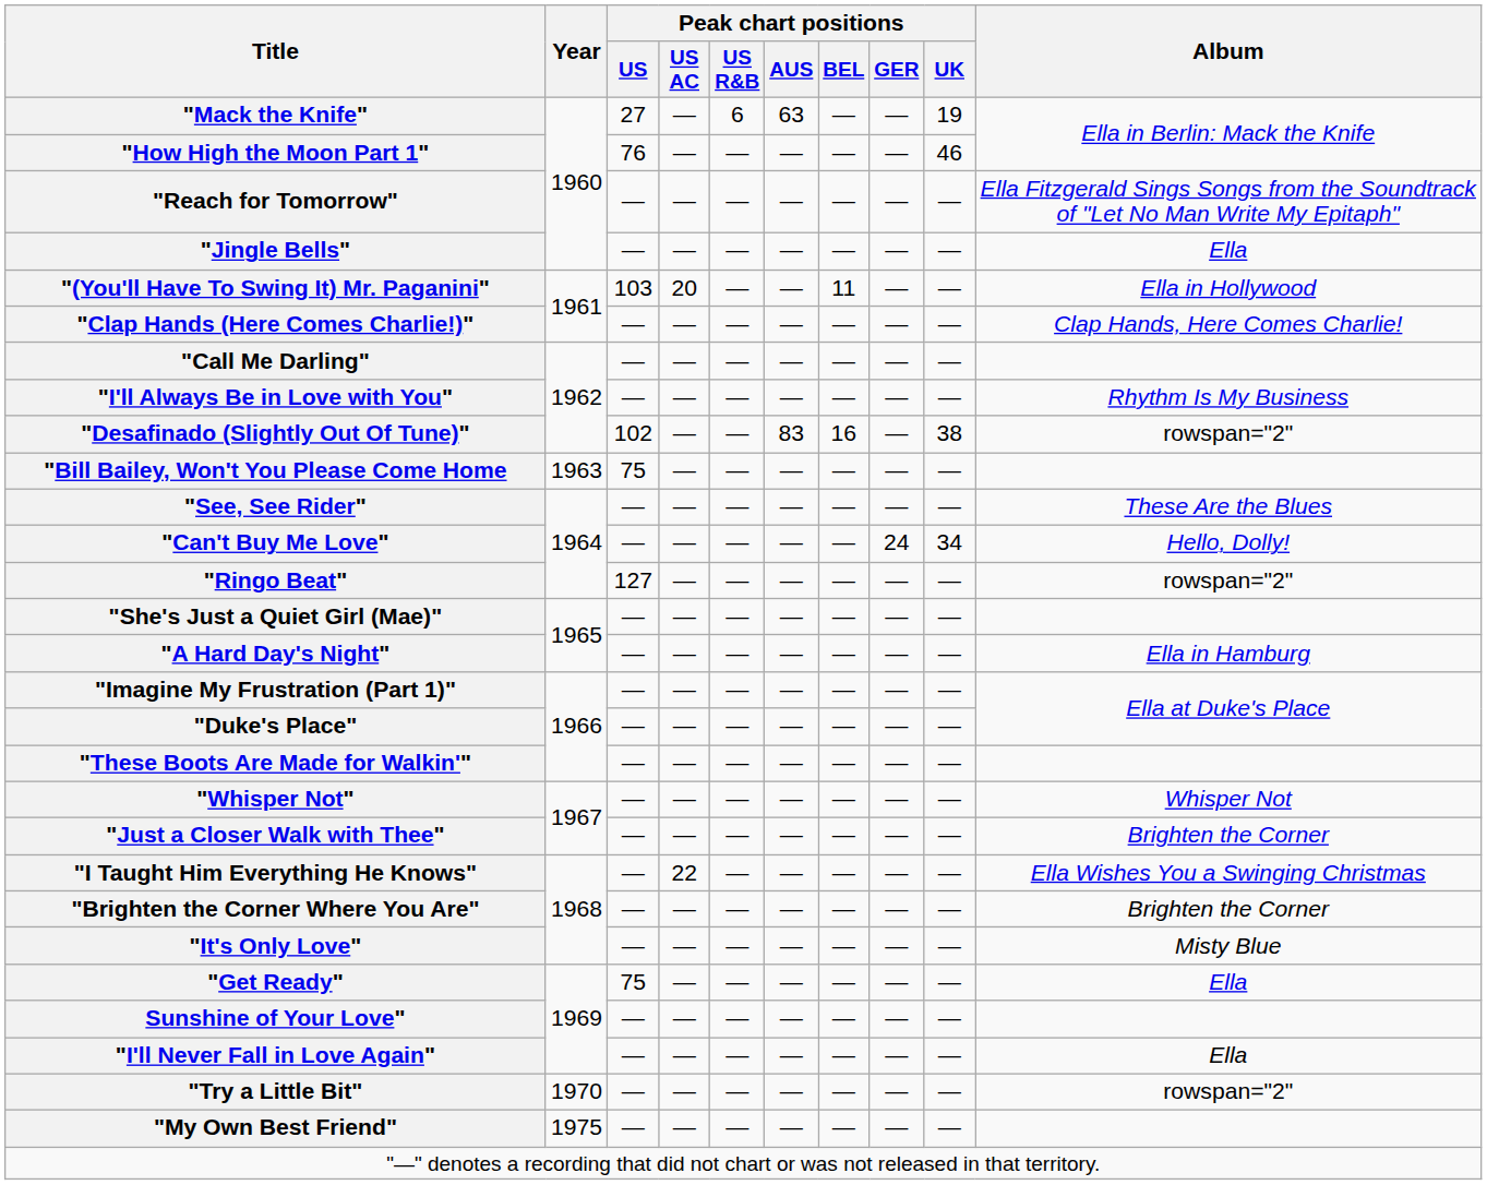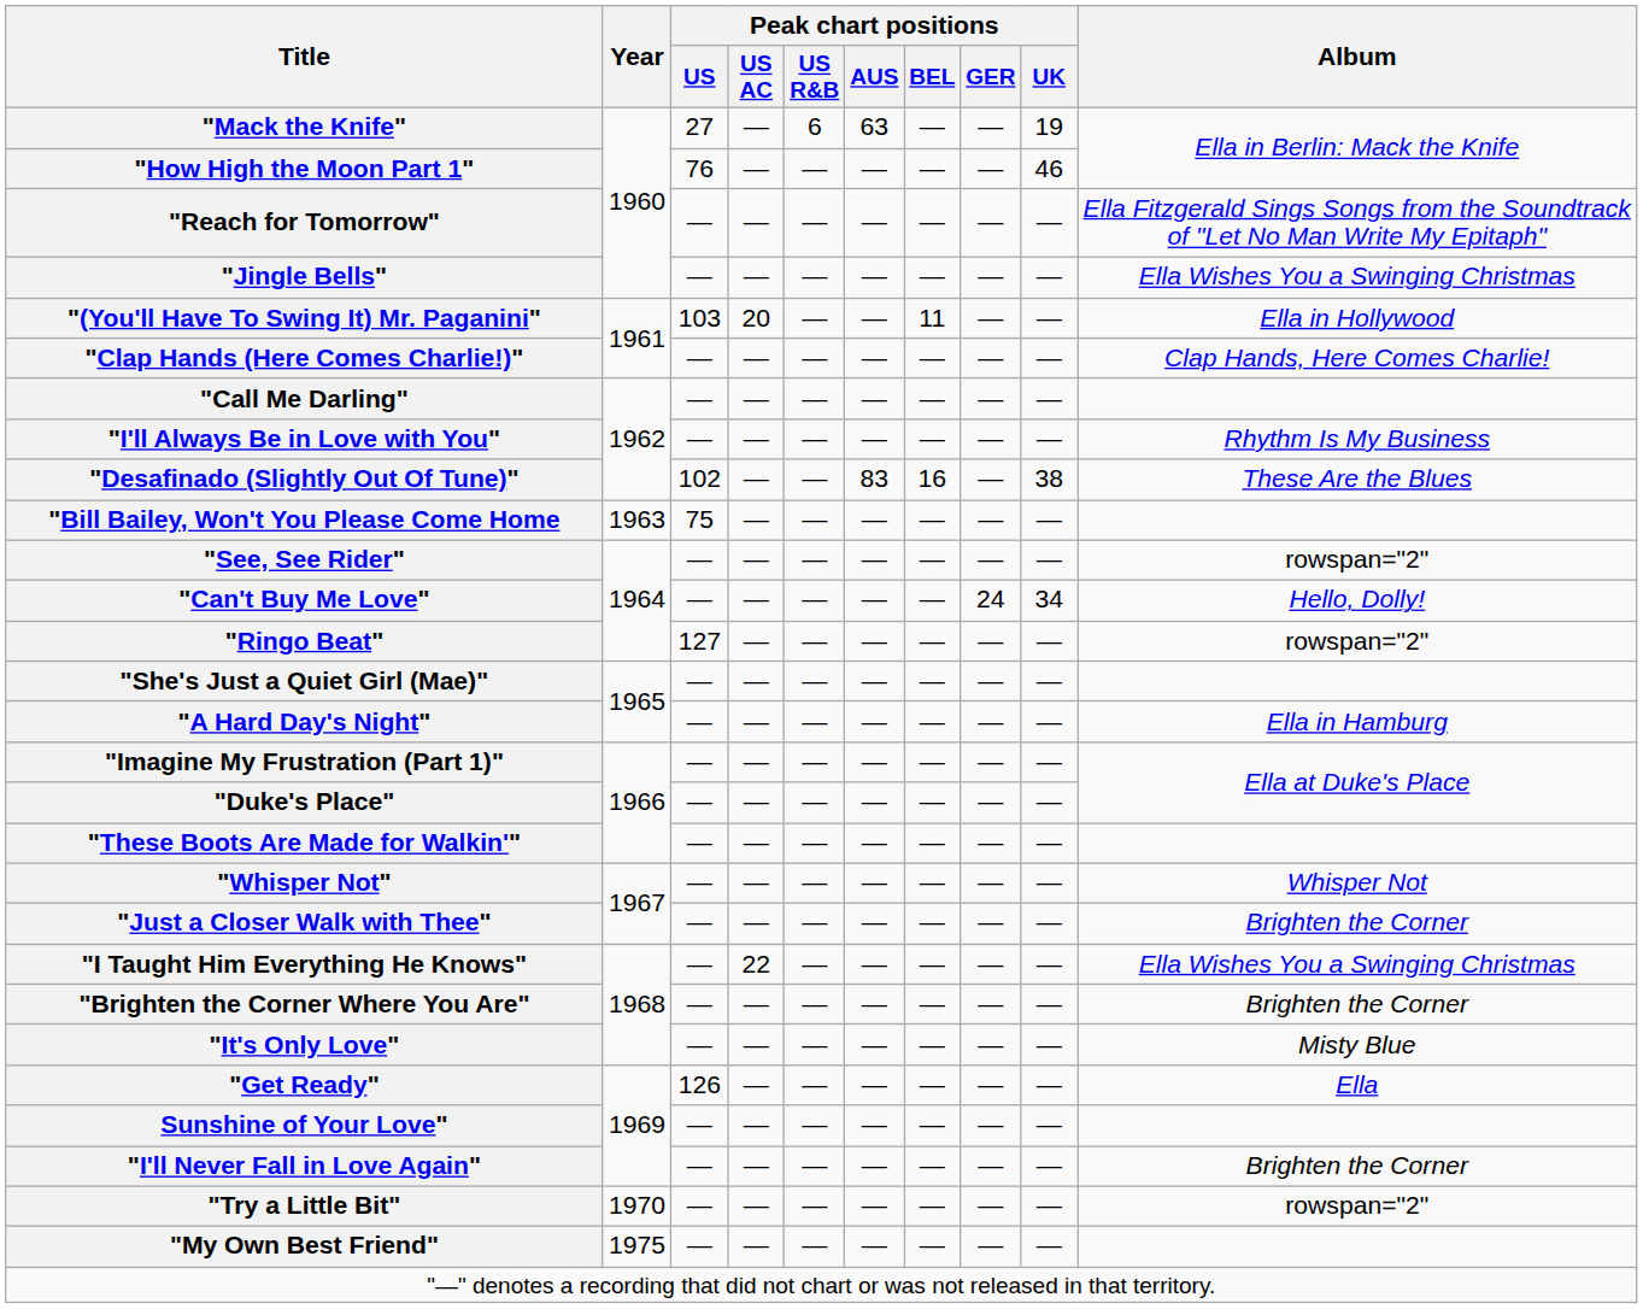 <table class="wikitable plainrowheaders" style="text-align:center;" border="1">
 <tr>
 <th scope="col" rowspan="2" style="width:23em;">Title</th>
 <th scope="col" rowspan="2">Year</th>
 <th scope="col" colspan="7">Peak chart positions</th>
 <th scope="col" rowspan="2">Album</th>
 </tr>
 <tr>
 <th scope="col" style="width:2em;font-size:90%;"><a href='#'>US</a><br></th>
 <th scope="col" style="width:2em;font-size:90%;"><a href='#'>US<br>AC</a><br></th>
 <th scope="col" style="width:2em;font-size:90%;"><a href='#'>US<br>R&B</a><br></th>
 <th scope="col" style="width:2em;font-size:90%;"><a href='#'>AUS</a><br></th>
 <th scope="col" style="width:2em;font-size:90%;"><a href='#'>BEL</a><br></th>
 <th scope="col" style="width:2em;font-size:90%;"><a href='#'>GER</a><br></th>
 <th scope="col" style="width:2em;font-size:90%;"><a href='#'>UK</a><br></th>
 </tr>
 <tr>
 <th scope="row">"<a href='#'>Mack the Knife</a>"</th>
 <td rowspan="4">1960</td>
 <td>27</td>
 <td>—</td>
 <td>6</td>
 <td>63</td>
 <td>—</td>
 <td>—</td>
 <td>19</td>
 <td rowspan="2"><em><a href='#'>Ella in Berlin: Mack the Knife</a></em></td>
 </tr>
 <tr>
 <th scope="row">"<a href='#'>How High the Moon Part 1</a>"</th>
 <td>76</td>
 <td>—</td>
 <td>—</td>
 <td>—</td>
 <td>—</td>
 <td>—</td>
 <td>46</td>
 </tr>
 <tr>
 <th scope="row">"Reach for Tomorrow"</th>
 <td>—</td>
 <td>—</td>
 <td>—</td>
 <td>—</td>
 <td>—</td>
 <td>—</td>
 <td>—</td>
 <td><em><a href='#'>Ella Fitzgerald Sings Songs from the Soundtrack<br>of "Let No Man Write My Epitaph"</a></em></td>
 </tr>
 <tr>
 <th scope="row">"<a href='#'>Jingle Bells</a>"</th>
 <td>—</td>
 <td>—</td>
 <td>—</td>
 <td>—</td>
 <td>—</td>
 <td>—</td>
 <td>—</td>
-<td><em><a href='#'>Ella</a></em></td>
+<td><em><a href='#'>Ella Wishes You a Swinging Christmas</a></em></td>
 </tr>
 <tr>
 <th scope="row">"<a href='#'>(You'll Have To Swing It) Mr. Paganini</a>"</th>
 <td rowspan="2">1961</td>
 <td>103</td>
 <td>20</td>
 <td>—</td>
 <td>—</td>
 <td>11</td>
 <td>—</td>
 <td>—</td>
 <td><em><a href='#'>Ella in Hollywood</a></em></td>
 </tr>
 <tr>
 <th scope="row">"<a href='#'>Clap Hands (Here Comes Charlie!)</a>"</th>
 <td>—</td>
 <td>—</td>
 <td>—</td>
 <td>—</td>
 <td>—</td>
 <td>—</td>
 <td>—</td>
 <td><em><a href='#'>Clap Hands, Here Comes Charlie!</a></em></td>
 </tr>
 <tr>
 <th scope="row">"Call Me Darling"</th>
 <td rowspan="3">1962</td>
 <td>—</td>
 <td>—</td>
 <td>—</td>
 <td>—</td>
 <td>—</td>
 <td>—</td>
 <td>—</td>
 <td></td>
 </tr>
 <tr>
 <th scope="row">"<a href='#'>I'll Always Be in Love with You</a>"</th>
 <td>—</td>
 <td>—</td>
 <td>—</td>
 <td>—</td>
 <td>—</td>
 <td>—</td>
 <td>—</td>
 <td><em><a href='#'>Rhythm Is My Business</a></em></td>
 </tr>
 <tr>
 <th scope="row">"<a href='#'>Desafinado (Slightly Out Of Tune)</a>"</th>
 <td>102</td>
 <td>—</td>
 <td>—</td>
 <td>83</td>
 <td>16</td>
 <td>—</td>
 <td>38</td>
-<td>rowspan="2" </td>
+<td><em><a href='#'>These Are the Blues</a></em></td>
 </tr>
 <tr>
 <th scope="row">"<a href='#'>Bill Bailey, Won't You Please Come Home</a></th>
 <td>1963</td>
 <td>75</td>
 <td>—</td>
 <td>—</td>
 <td>—</td>
 <td>—</td>
 <td>—</td>
 <td>—</td>
 </tr>
 <tr>
 <th scope="row">"<a href='#'>See, See Rider</a>"</th>
 <td rowspan="3">1964</td>
 <td>—</td>
 <td>—</td>
 <td>—</td>
 <td>—</td>
 <td>—</td>
 <td>—</td>
 <td>—</td>
-<td><em><a href='#'>These Are the Blues</a></em></td>
+<td>rowspan="2" </td>
 </tr>
 <tr>
 <th scope="row">"<a href='#'>Can't Buy Me Love</a>"</th>
 <td>—</td>
 <td>—</td>
 <td>—</td>
 <td>—</td>
 <td>—</td>
 <td>24</td>
 <td>34</td>
 <td><em><a href='#'>Hello, Dolly!</a></em></td>
 </tr>
 <tr>
 <th scope="row">"<a href='#'>Ringo Beat</a>"</th>
 <td>127</td>
 <td>—</td>
 <td>—</td>
 <td>—</td>
 <td>—</td>
 <td>—</td>
 <td>—</td>
 <td>rowspan="2" </td>
 </tr>
 <tr>
 <th scope="row">"She's Just a Quiet Girl (Mae)"</th>
 <td rowspan="2">1965</td>
 <td>—</td>
 <td>—</td>
 <td>—</td>
 <td>—</td>
 <td>—</td>
 <td>—</td>
 <td>—</td>
 </tr>
 <tr>
 <th scope="row">"<a href='#'>A Hard Day's Night</a>"</th>
 <td>—</td>
 <td>—</td>
 <td>—</td>
 <td>—</td>
 <td>—</td>
 <td>—</td>
 <td>—</td>
 <td><em><a href='#'>Ella in Hamburg</a></em></td>
 </tr>
 <tr>
 <th scope="row">"Imagine My Frustration (Part 1)"<br></th>
 <td rowspan="3">1966</td>
 <td>—</td>
 <td>—</td>
 <td>—</td>
 <td>—</td>
 <td>—</td>
 <td>—</td>
 <td>—</td>
 <td rowspan="2"><em><a href='#'>Ella at Duke's Place</a></em></td>
 </tr>
 <tr>
 <th scope="row">"Duke's Place"</th>
 <td>—</td>
 <td>—</td>
 <td>—</td>
 <td>—</td>
 <td>—</td>
 <td>—</td>
 <td>—</td>
 </tr>
 <tr>
 <th scope="row">"<a href='#'>These Boots Are Made for Walkin'</a>"</th>
 <td>—</td>
 <td>—</td>
 <td>—</td>
 <td>—</td>
 <td>—</td>
 <td>—</td>
 <td>—</td>
 <td></td>
 </tr>
 <tr>
 <th scope="row">"<a href='#'>Whisper Not</a>"</th>
 <td rowspan="2">1967</td>
 <td>—</td>
 <td>—</td>
 <td>—</td>
 <td>—</td>
 <td>—</td>
 <td>—</td>
 <td>—</td>
 <td><em><a href='#'>Whisper Not</a></em></td>
 </tr>
 <tr>
 <th scope="row">"<a href='#'>Just a Closer Walk with Thee</a>"</th>
 <td>—</td>
 <td>—</td>
 <td>—</td>
 <td>—</td>
 <td>—</td>
 <td>—</td>
 <td>—</td>
 <td><em><a href='#'>Brighten the Corner</a></em></td>
 </tr>
 <tr>
 <th scope="row">"I Taught Him Everything He Knows"</th>
 <td rowspan="3">1968</td>
 <td>—</td>
 <td>22</td>
 <td>—</td>
 <td>—</td>
 <td>—</td>
 <td>—</td>
 <td>—</td>
 <td><em><a href='#'>Ella Wishes You a Swinging Christmas</a></em></td>
 </tr>
 <tr>
 <th scope="row">"Brighten the Corner Where You Are"</th>
 <td>—</td>
 <td>—</td>
 <td>—</td>
 <td>—</td>
 <td>—</td>
 <td>—</td>
 <td>—</td>
 <td><em>Brighten the Corner</em></td>
 </tr>
 <tr>
 <th scope="row">"<a href='#'>It's Only Love</a>"</th>
 <td>—</td>
 <td>—</td>
 <td>—</td>
 <td>—</td>
 <td>—</td>
 <td>—</td>
 <td>—</td>
 <td><em>Misty Blue</em></td>
 </tr>
 <tr>
 <th scope="row">"<a href='#'>Get Ready</a>"</th>
 <td rowspan="3">1969</td>
-<td>75</td>
+<td>126</td>
 <td>—</td>
 <td>—</td>
 <td>—</td>
 <td>—</td>
 <td>—</td>
 <td>—</td>
 <td><em><a href='#'>Ella</a></em></td>
 </tr>
 <tr>
 <th scope="row"><a href='#'>Sunshine of Your Love</a>"</th>
 <td>—</td>
 <td>—</td>
 <td>—</td>
 <td>—</td>
 <td>—</td>
 <td>—</td>
 <td>—</td>
 <td></td>
 </tr>
 <tr>
 <th scope="row">"<a href='#'>I'll Never Fall in Love Again</a>"</th>
 <td>—</td>
 <td>—</td>
 <td>—</td>
 <td>—</td>
 <td>—</td>
 <td>—</td>
 <td>—</td>
-<td><em>Ella</em></td>
+<td><em>Brighten the Corner</em></td>
 </tr>
 <tr>
 <th scope="row">"Try a Little Bit"</th>
 <td>1970</td>
 <td>—</td>
 <td>—</td>
 <td>—</td>
 <td>—</td>
 <td>—</td>
 <td>—</td>
 <td>—</td>
 <td>rowspan="2" </td>
 </tr>
 <tr>
 <th scope="row">"My Own Best Friend"</th>
 <td>1975</td>
 <td>—</td>
 <td>—</td>
 <td>—</td>
 <td>—</td>
 <td>—</td>
 <td>—</td>
 <td>—</td>
 </tr>
 <tr>
 <td colspan="10" style="font-size:90%">"—" denotes a recording that did not chart or was not released in that territory.</td>
 </tr>
 </table>
